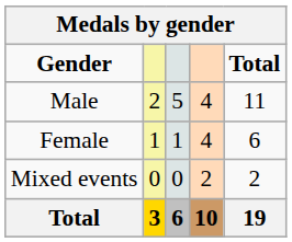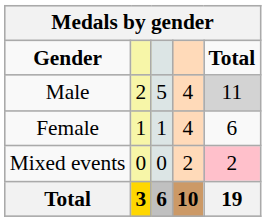 <table class="wikitable" style="font-size:85%; float:left">
 <tr style="background:#efefef;">
 <th colspan=5><strong>Medals by gender</strong></th>
 </tr>
 <tr align=center>
 <td><strong>Gender</strong></td>
 <td style="background:#f7f6a8;"></td>
 <td style="background:#dce5e5;"></td>
 <td style="background:#ffdab9;"></td>
 <td><strong>Total</strong></td>
 </tr>
 <tr align=center>
 <td>Male</td>
 <td style="background:#F7F6A8;">2</td>
 <td style="background:#DCE5E5;">5</td>
 <td style="background:#FFDAB9;">4</td>
-<td>11</td>
+<td style="background: lightgrey;">11</td>
 </tr>
 <tr align=center>
 <td>Female</td>
 <td style="background:#F7F6A8;">1</td>
 <td style="background:#DCE5E5;">1</td>
 <td style="background:#FFDAB9;">4</td>
 <td>6</td>
 </tr>
 <tr align=center>
 <td>Mixed events</td>
 <td style="background:#F7F6A8;">0</td>
 <td style="background:#DCE5E5;">0</td>
 <td style="background:#FFDAB9;">2</td>
-<td>2</td>
+<td style="background: pink;">2</td>
 </tr>
 <tr align=center>
 <th><strong>Total</strong></th>
 <th style="background:gold;"><strong>3</strong></th>
 <th style="background:silver;"><strong>6</strong></th>
 <th style="background:#c96;"><strong>10</strong></th>
 <th><strong>19</strong></th>
 </tr>
 </table>
